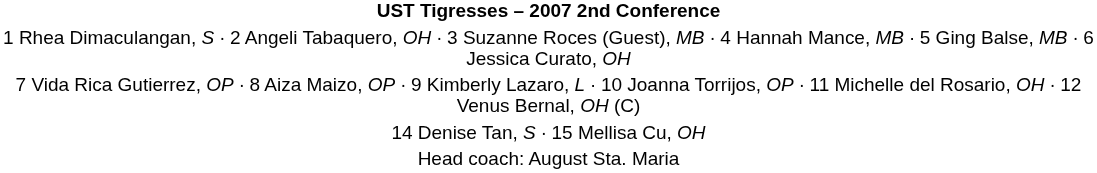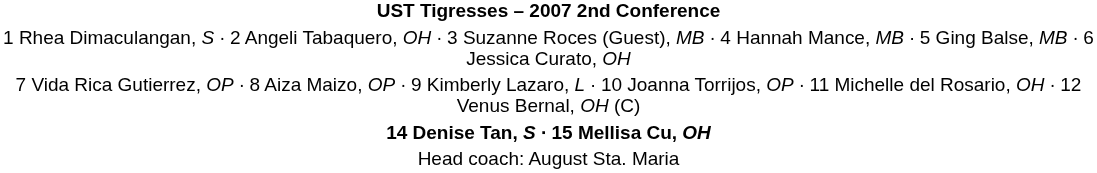 <table class='toccolours mw-collapsible mw-collapsed' width=100% style=font-size:95%>
 <tr>
 <th style=>UST Tigresses – 2007 2nd Conference</th>
 </tr>
 <tr align=center>
 <td>1 Rhea Dimaculangan, <em>S</em> ∙ 2 Angeli Tabaquero, <em>OH</em> ∙ 3 Suzanne Roces (Guest), <em>MB</em> ∙ 4 Hannah Mance, <em>MB</em> ∙ 5 Ging Balse, <em>MB</em> ∙ 6 Jessica Curato, <em>OH</em></td>
 </tr>
 <tr align=center>
 <td>7 Vida Rica Gutierrez, <em>OP</em> ∙ 8 Aiza Maizo, <em>OP</em> ∙ 9 Kimberly Lazaro, <em>L</em> ∙ 10 Joanna Torrijos, <em>OP</em> ∙ 11 Michelle del Rosario, <em>OH</em> ∙ 12 Venus Bernal, <em>OH</em> (C)</td>
 </tr>
 <tr align=center>
-<td>14 Denise Tan, <em>S</em> ∙ 15 Mellisa Cu, <em>OH</em></td>
+<td><strong>14 Denise Tan, <em>S</em> ∙ 15 Mellisa Cu, <em>OH</em></strong></td>
 </tr>
 <tr align=center>
 <td>Head coach: August Sta. Maria</td>
 </tr>
 </table>
